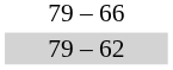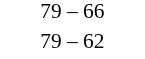 <table style="text-align:center">
 <tr>
 <th width=200></th>
 <th width=100></th>
 <th width=200></th>
 <th></th>
 </tr>
 <tr>
 <td align=right><strong></strong></td>
 <td>79 – 66</td>
 <td align=left></td>
 </tr>
 <tr>
 <td align=right><strong></strong></td>
-<td style="background: lightgrey;">79 – 62</td>
+<td>79 – 62</td>
 <td align=left></td>
 </tr>
 </table>
